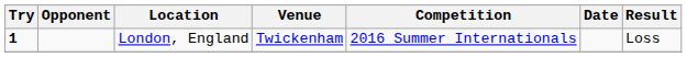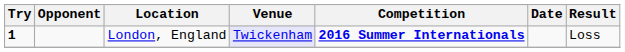 <table class="wikitable sortable" style="font-size:95%">
 <tr>
 <th>Try</th>
 <th>Opponent</th>
 <th>Location</th>
 <th>Venue</th>
 <th>Competition</th>
 <th>Date</th>
 <th>Result</th>
 </tr>
 <tr>
 <td><strong>1</strong></td>
 <td></td>
 <td><a href='#'>London</a>, England</td>
-<td><a href='#'>Twickenham</a></td>
-<td><a href='#'>2016 Summer Internationals</a></td>
+<td style="background: lavender;"><a href='#'>Twickenham</a></td>
+<td><strong><a href='#'>2016 Summer Internationals</a></strong></td>
 <td></td>
 <td>Loss</td>
 </tr>
 <tr>
 </tr>
 </table>
